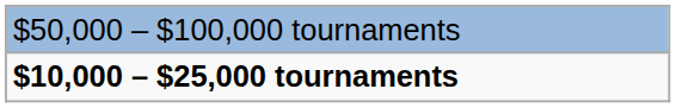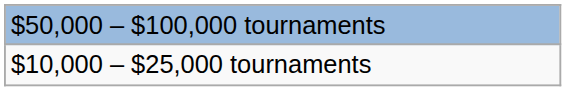 <table class="wikitable" style="font-size:85%;" width=15%>
 <tr bgcolor="#99BADD">
 <td>$50,000 – $100,000 tournaments</td>
 </tr>
 <tr>
-<td><strong>$10,000 – $25,000 tournaments</strong></td>
+<td>$10,000 – $25,000 tournaments</td>
 </tr>
 </table>
